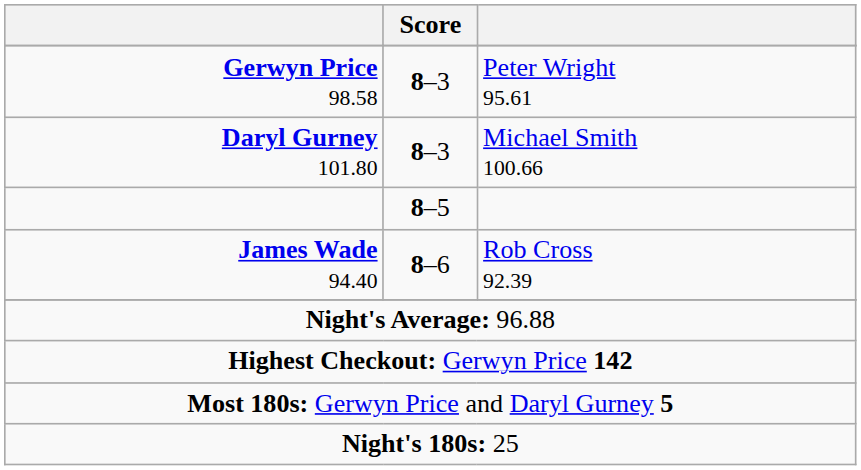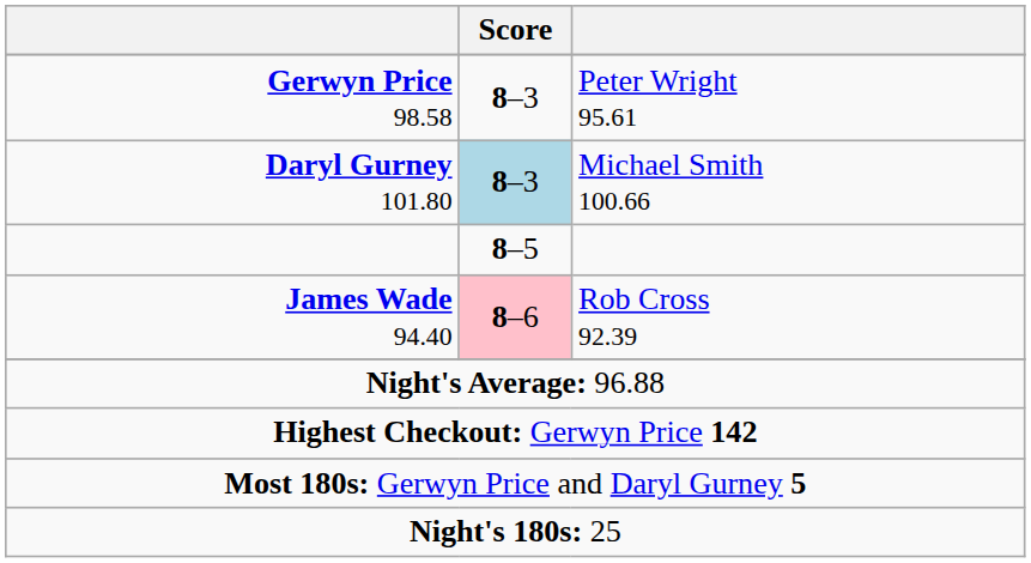 <table class=wikitable style="text-align:center">
 <tr>
 <th width=225></th>
 <th width=50>Score</th>
 <th width=225></th>
 </tr>
 <tr align=center>
 </tr>
 <tr align=left>
 <td align=right><strong><a href='#'>Gerwyn Price</a></strong>  <br><small><span>98.58</span></small></td>
 <td align=center><strong>8</strong>–3</td>
 <td> <a href='#'>Peter Wright</a> <br><small><span>95.61</span></small></td>
 </tr>
 <tr align=left>
 <td align=right><strong><a href='#'>Daryl Gurney</a></strong>  <br><small><span>101.80</span></small></td>
-<td align=center><strong>8</strong>–3</td>
+<td align=center style="background: lightblue;"><strong>8</strong>–3</td>
 <td> <a href='#'>Michael Smith</a> <br><small><span>100.66</span></small></td>
 </tr>
 <tr align=left>
 <td align=right></td>
 <td align=center><strong>8</strong>–5</td>
 <td></td>
 </tr>
 <tr align=left>
 <td align=right><strong><a href='#'>James Wade</a></strong>  <br><small><span>94.40</span></small></td>
-<td align=center><strong>8</strong>–6</td>
+<td align=center style="background: pink;"><strong>8</strong>–6</td>
 <td> <a href='#'>Rob Cross</a> <br><small><span>92.39</span></small></td>
 </tr>
 <tr align=center>
 </tr>
 <tr align=center>
 <td colspan="3"><strong>Night's Average:</strong> 96.88</td>
 </tr>
 <tr align=center>
 <td colspan="3"><strong>Highest Checkout:</strong>  <a href='#'>Gerwyn Price</a> <strong>142</strong></td>
 </tr>
 <tr align=center>
 <td colspan="3"><strong>Most 180s:</strong>   <a href='#'>Gerwyn Price</a> and  <a href='#'>Daryl Gurney</a> <strong>5</strong></td>
 </tr>
 <tr align=center>
 <td colspan="3"><strong>Night's 180s:</strong> 25</td>
 </tr>
 </table>
